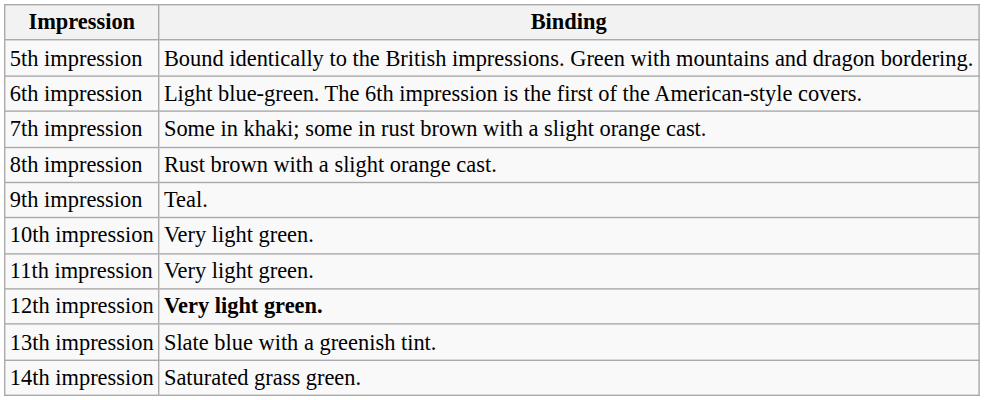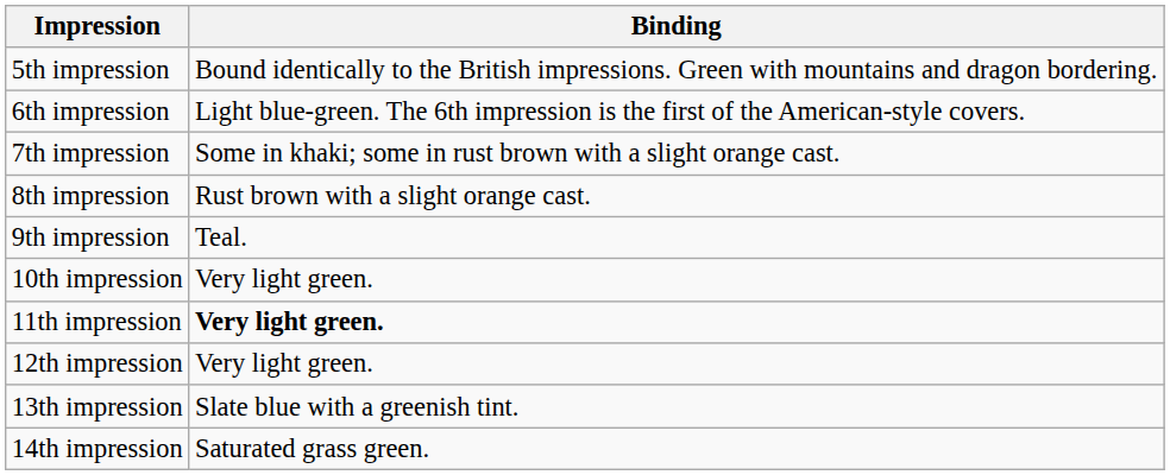 <table class="wikitable">
 <tr>
 <th>Impression</th>
 <th>Binding</th>
 </tr>
 <tr>
 <td>5th impression</td>
 <td>Bound identically to the British impressions. Green with mountains and dragon bordering.</td>
 </tr>
 <tr>
 <td>6th impression</td>
 <td>Light blue-green. The 6th impression is the first of the American-style covers.</td>
 </tr>
 <tr>
 <td>7th impression</td>
 <td>Some in khaki; some in rust brown with a slight orange cast.</td>
 </tr>
 <tr>
 <td>8th impression</td>
 <td>Rust brown with a slight orange cast.</td>
 </tr>
 <tr>
 <td>9th impression</td>
 <td>Teal.</td>
 </tr>
 <tr>
 <td>10th impression</td>
 <td>Very light green.</td>
 </tr>
 <tr>
 <td>11th impression</td>
-<td>Very light green.</td>
+<td><strong>Very light green.</strong></td>
 </tr>
 <tr>
 <td>12th impression</td>
-<td><strong>Very light green.</strong></td>
+<td>Very light green.</td>
 </tr>
 <tr>
 <td>13th impression</td>
 <td>Slate blue with a greenish tint.</td>
 </tr>
 <tr>
 <td>14th impression</td>
 <td>Saturated grass green.</td>
 </tr>
 </table>
